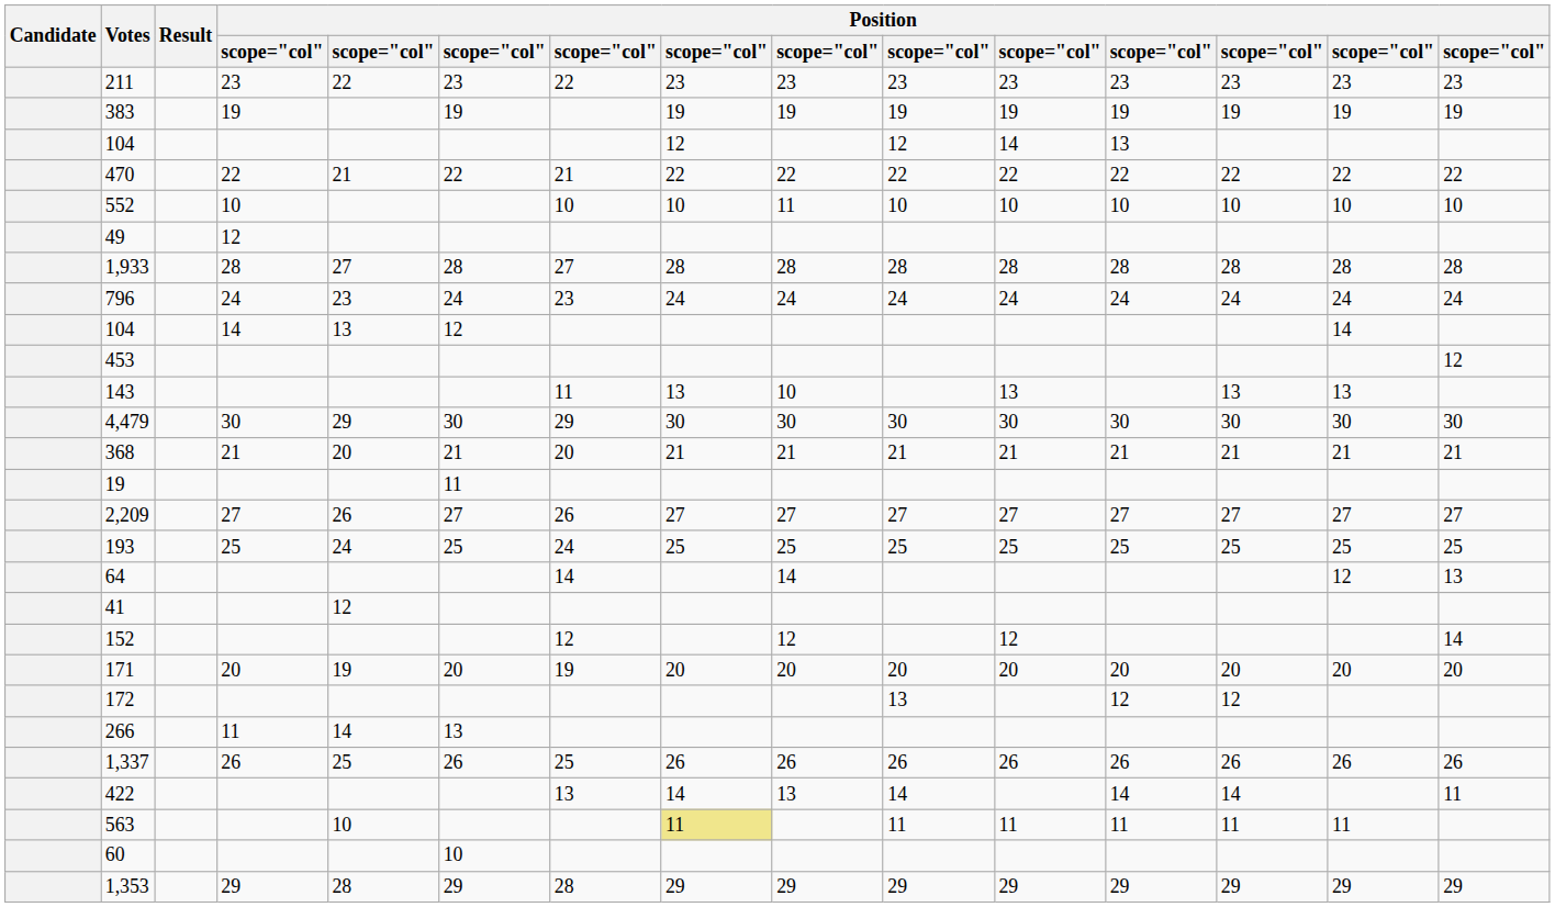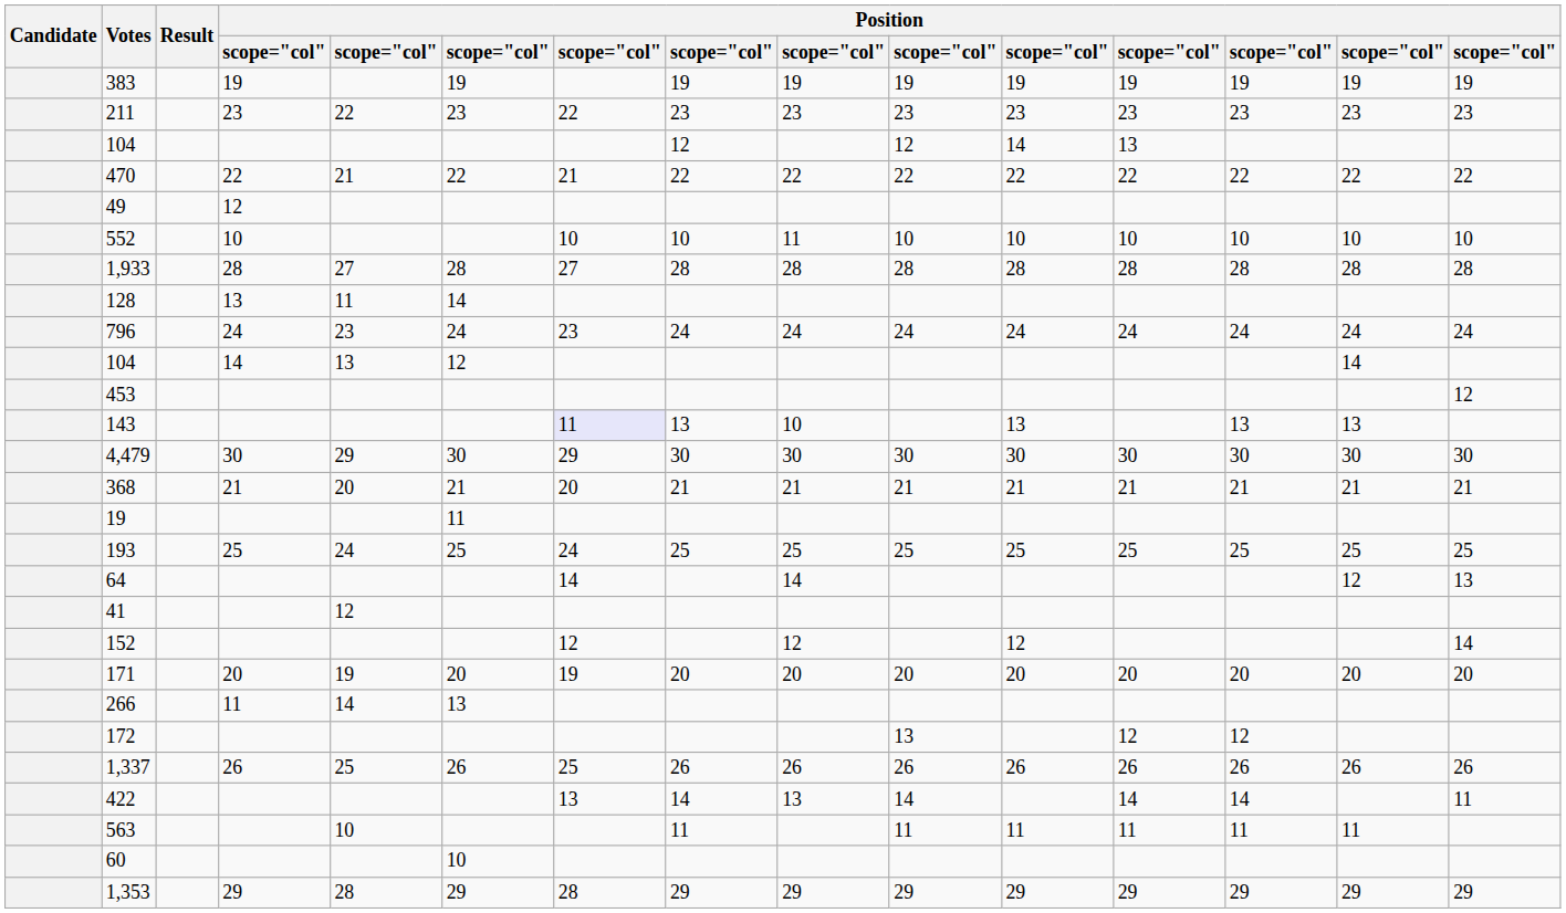 <table class="wikitable sortable defaultright col3left">
 <tr>
 <th scope="col" rowspan="2">Candidate</th>
 <th scope="col" rowspan="2">Votes</th>
 <th scope="col" rowspan="2">Result</th>
 <th scope="col" colspan="12">Position</th>
 </tr>
 <tr>
 <th>scope="col" </th>
 <th>scope="col" </th>
 <th>scope="col" </th>
 <th>scope="col" </th>
 <th>scope="col" </th>
 <th>scope="col" </th>
 <th>scope="col" </th>
 <th>scope="col" </th>
 <th>scope="col" </th>
 <th>scope="col" </th>
 <th>scope="col" </th>
 <th>scope="col" </th>
 </tr>
 <tr>
 <th scope="row"></th>
+<td>383</td>
+<td></td>
+<td>19</td>
+<td></td>
+<td>19</td>
+<td></td>
+<td>19</td>
+<td>19</td>
+<td>19</td>
+<td>19</td>
+<td>19</td>
+<td>19</td>
+<td>19</td>
+<td>19</td>
+</tr>
+<tr>
+<th scope="row"></th>
 <td>211</td>
 <td></td>
 <td>23</td>
 <td>22</td>
 <td>23</td>
 <td>22</td>
 <td>23</td>
 <td>23</td>
 <td>23</td>
 <td>23</td>
 <td>23</td>
 <td>23</td>
 <td>23</td>
 <td>23</td>
-</tr>
-<tr>
-<th scope="row"></th>
-<td>383</td>
-<td></td>
-<td>19</td>
-<td></td>
-<td>19</td>
-<td></td>
-<td>19</td>
-<td>19</td>
-<td>19</td>
-<td>19</td>
-<td>19</td>
-<td>19</td>
-<td>19</td>
-<td>19</td>
 </tr>
 <tr>
 <th scope="row"></th>
 <td>104</td>
 <td></td>
 <td></td>
 <td></td>
 <td></td>
 <td></td>
 <td>12</td>
 <td></td>
 <td>12</td>
 <td>14</td>
 <td>13</td>
 <td></td>
 <td></td>
 <td></td>
 </tr>
 <tr>
 <th scope="row"></th>
 <td>470</td>
 <td></td>
 <td>22</td>
 <td>21</td>
 <td>22</td>
 <td>21</td>
 <td>22</td>
 <td>22</td>
 <td>22</td>
 <td>22</td>
 <td>22</td>
 <td>22</td>
 <td>22</td>
 <td>22</td>
 </tr>
 <tr>
 <th scope="row"></th>
+<td>49</td>
+<td></td>
+<td>12</td>
+<td></td>
+<td></td>
+<td></td>
+<td></td>
+<td></td>
+<td></td>
+<td></td>
+<td></td>
+<td></td>
+<td></td>
+<td></td>
+</tr>
+<tr>
+<th scope="row"></th>
 <td>552</td>
 <td></td>
 <td>10</td>
 <td></td>
 <td></td>
 <td>10</td>
 <td>10</td>
 <td>11</td>
 <td>10</td>
 <td>10</td>
 <td>10</td>
 <td>10</td>
 <td>10</td>
 <td>10</td>
 </tr>
 <tr>
 <th scope="row"></th>
-<td>49</td>
-<td></td>
-<td>12</td>
-<td></td>
-<td></td>
-<td></td>
-<td></td>
-<td></td>
-<td></td>
-<td></td>
-<td></td>
-<td></td>
-<td></td>
-<td></td>
-</tr>
-<tr>
-<th scope="row"></th>
 <td>1,933</td>
 <td></td>
 <td>28</td>
 <td>27</td>
 <td>28</td>
 <td>27</td>
 <td>28</td>
 <td>28</td>
 <td>28</td>
 <td>28</td>
 <td>28</td>
 <td>28</td>
 <td>28</td>
 <td>28</td>
+</tr>
+<tr>
+<th scope="row"></th>
+<td>128</td>
+<td></td>
+<td>13</td>
+<td>11</td>
+<td>14</td>
+<td></td>
+<td></td>
+<td></td>
+<td></td>
+<td></td>
+<td></td>
+<td></td>
+<td></td>
+<td></td>
 </tr>
 <tr>
 <th scope="row"></th>
 <td>796</td>
 <td></td>
 <td>24</td>
 <td>23</td>
 <td>24</td>
 <td>23</td>
 <td>24</td>
 <td>24</td>
 <td>24</td>
 <td>24</td>
 <td>24</td>
 <td>24</td>
 <td>24</td>
 <td>24</td>
 </tr>
 <tr>
 <th scope="row"></th>
 <td>104</td>
 <td></td>
 <td>14</td>
 <td>13</td>
 <td>12</td>
 <td></td>
 <td></td>
 <td></td>
 <td></td>
 <td></td>
 <td></td>
 <td></td>
 <td>14</td>
 <td></td>
 </tr>
 <tr>
 <th scope="row"></th>
 <td>453</td>
 <td></td>
 <td></td>
 <td></td>
 <td></td>
 <td></td>
 <td></td>
 <td></td>
 <td></td>
 <td></td>
 <td></td>
 <td></td>
 <td></td>
 <td>12</td>
 </tr>
 <tr>
 <th scope="row"></th>
 <td>143</td>
 <td></td>
 <td></td>
 <td></td>
 <td></td>
-<td>11</td>
+<td style="background: lavender;">11</td>
 <td>13</td>
 <td>10</td>
 <td></td>
 <td>13</td>
 <td></td>
 <td>13</td>
 <td>13</td>
 <td></td>
 </tr>
 <tr>
 <th scope="row"></th>
 <td>4,479</td>
 <td></td>
 <td>30</td>
 <td>29</td>
 <td>30</td>
 <td>29</td>
 <td>30</td>
 <td>30</td>
 <td>30</td>
 <td>30</td>
 <td>30</td>
 <td>30</td>
 <td>30</td>
 <td>30</td>
 </tr>
 <tr>
 <th scope="row"></th>
 <td>368</td>
 <td></td>
 <td>21</td>
 <td>20</td>
 <td>21</td>
 <td>20</td>
 <td>21</td>
 <td>21</td>
 <td>21</td>
 <td>21</td>
 <td>21</td>
 <td>21</td>
 <td>21</td>
 <td>21</td>
 </tr>
 <tr>
 <th scope="row"></th>
 <td>19</td>
 <td></td>
 <td></td>
 <td></td>
 <td>11</td>
 <td></td>
 <td></td>
 <td></td>
 <td></td>
 <td></td>
 <td></td>
 <td></td>
 <td></td>
 <td></td>
-</tr>
-<tr>
-<th scope="row"></th>
-<td>2,209</td>
-<td></td>
-<td>27</td>
-<td>26</td>
-<td>27</td>
-<td>26</td>
-<td>27</td>
-<td>27</td>
-<td>27</td>
-<td>27</td>
-<td>27</td>
-<td>27</td>
-<td>27</td>
-<td>27</td>
 </tr>
 <tr>
 <th scope="row"></th>
 <td>193</td>
 <td></td>
 <td>25</td>
 <td>24</td>
 <td>25</td>
 <td>24</td>
 <td>25</td>
 <td>25</td>
 <td>25</td>
 <td>25</td>
 <td>25</td>
 <td>25</td>
 <td>25</td>
 <td>25</td>
 </tr>
 <tr>
 <th scope="row"></th>
 <td>64</td>
 <td></td>
 <td></td>
 <td></td>
 <td></td>
 <td>14</td>
 <td></td>
 <td>14</td>
 <td></td>
 <td></td>
 <td></td>
 <td></td>
 <td>12</td>
 <td>13</td>
 </tr>
 <tr>
 <th scope="row"></th>
 <td>41</td>
 <td></td>
 <td></td>
 <td>12</td>
 <td></td>
 <td></td>
 <td></td>
 <td></td>
 <td></td>
 <td></td>
 <td></td>
 <td></td>
 <td></td>
 <td></td>
 </tr>
 <tr>
 <th scope="row"></th>
 <td>152</td>
 <td></td>
 <td></td>
 <td></td>
 <td></td>
 <td>12</td>
 <td></td>
 <td>12</td>
 <td></td>
 <td>12</td>
 <td></td>
 <td></td>
 <td></td>
 <td>14</td>
 </tr>
 <tr>
 <th scope="row"></th>
 <td>171</td>
 <td></td>
 <td>20</td>
 <td>19</td>
 <td>20</td>
 <td>19</td>
 <td>20</td>
 <td>20</td>
 <td>20</td>
 <td>20</td>
 <td>20</td>
 <td>20</td>
 <td>20</td>
 <td>20</td>
 </tr>
 <tr>
 <th scope="row"></th>
+<td>266</td>
+<td></td>
+<td>11</td>
+<td>14</td>
+<td>13</td>
+<td></td>
+<td></td>
+<td></td>
+<td></td>
+<td></td>
+<td></td>
+<td></td>
+<td></td>
+<td></td>
+</tr>
+<tr>
+<th scope="row"></th>
 <td>172</td>
 <td></td>
 <td></td>
 <td></td>
 <td></td>
 <td></td>
 <td></td>
 <td></td>
 <td>13</td>
 <td></td>
 <td>12</td>
 <td>12</td>
-<td></td>
-<td></td>
-</tr>
-<tr>
-<th scope="row"></th>
-<td>266</td>
-<td></td>
-<td>11</td>
-<td>14</td>
-<td>13</td>
-<td></td>
-<td></td>
-<td></td>
-<td></td>
-<td></td>
-<td></td>
-<td></td>
 <td></td>
 <td></td>
 </tr>
 <tr>
 <th scope="row"></th>
 <td>1,337</td>
 <td></td>
 <td>26</td>
 <td>25</td>
 <td>26</td>
 <td>25</td>
 <td>26</td>
 <td>26</td>
 <td>26</td>
 <td>26</td>
 <td>26</td>
 <td>26</td>
 <td>26</td>
 <td>26</td>
 </tr>
 <tr>
 <th scope="row"></th>
 <td>422</td>
 <td></td>
 <td></td>
 <td></td>
 <td></td>
 <td>13</td>
 <td>14</td>
 <td>13</td>
 <td>14</td>
 <td></td>
 <td>14</td>
 <td>14</td>
 <td></td>
 <td>11</td>
 </tr>
 <tr>
 <th scope="row"></th>
 <td>563</td>
 <td></td>
 <td></td>
 <td>10</td>
 <td></td>
 <td></td>
-<td style="background: khaki;">11</td>
+<td>11</td>
 <td></td>
 <td>11</td>
 <td>11</td>
 <td>11</td>
 <td>11</td>
 <td>11</td>
 <td></td>
 </tr>
 <tr>
 <th scope="row"></th>
 <td>60</td>
 <td></td>
 <td></td>
 <td></td>
 <td>10</td>
 <td></td>
 <td></td>
 <td></td>
 <td></td>
 <td></td>
 <td></td>
 <td></td>
 <td></td>
 <td></td>
 </tr>
 <tr>
 <th scope="row"></th>
 <td>1,353</td>
 <td></td>
 <td>29</td>
 <td>28</td>
 <td>29</td>
 <td>28</td>
 <td>29</td>
 <td>29</td>
 <td>29</td>
 <td>29</td>
 <td>29</td>
 <td>29</td>
 <td>29</td>
 <td>29</td>
 </tr>
 </table>
